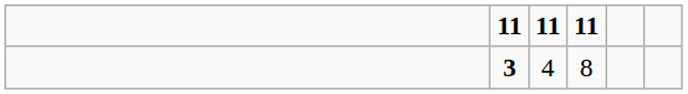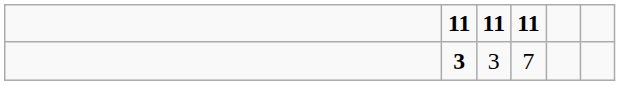 <table class="wikitable">
 <tr>
 <td style="width:18em"><strong></strong></td>
 <td align=center style="width:1em"><strong>11</strong></td>
 <td align=center style="width:1em"><strong>11</strong></td>
 <td align=center style="width:1em"><strong>11</strong></td>
 <td align=center style="width:1em"></td>
 <td align=center style="width:1em"></td>
 </tr>
 <tr>
 <td style="width:18em"></td>
 <td align=center style="width:1em"><strong>3</strong></td>
-<td align=center style="width:1em">4</td>
-<td align=center style="width:1em">8</td>
+<td align=center style="width:1em">3</td>
+<td align=center style="width:1em">7</td>
 <td align=center style="width:1em"></td>
 <td align=center style="width:1em"></td>
 </tr>
 </table>
